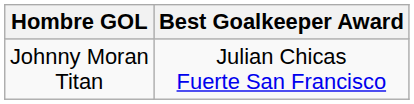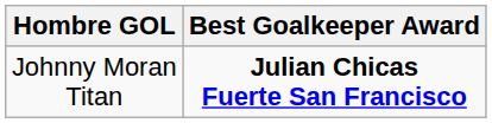 <table class="wikitable" style="margin: 0 auto;">
 <tr>
 <th>Hombre GOL</th>
 <th>Best Goalkeeper Award</th>
 </tr>
 <tr>
 <td align=center> Johnny Moran <br> Titan</td>
-<td align=center> Julian Chicas <br> <a href='#'>Fuerte San Francisco</a></td>
+<td align=center><strong> Julian Chicas <br> <a href='#'>Fuerte San Francisco</a></strong></td>
 </tr>
 </table>
